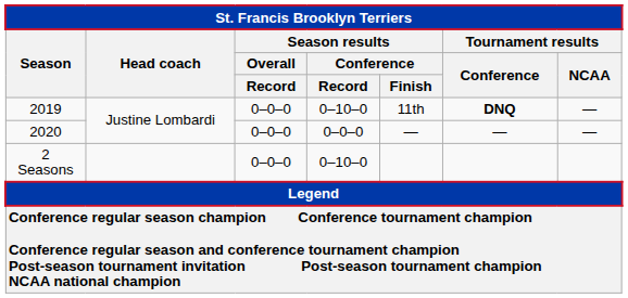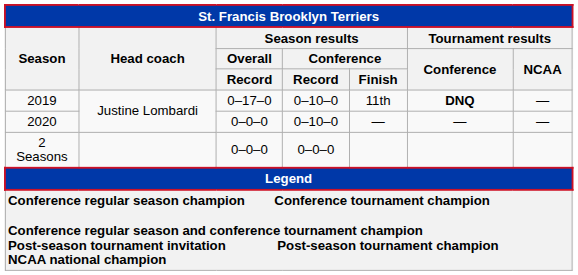 <table class="wikitable" style="font-size: 90%; width:70%; text-align:center;">
 <tr>
 <td colspan=10 style="background:#0038A8; border: 2px solid #CE1126;;color:#FFFFFF;"><strong>St. Francis Brooklyn Terriers</strong></td>
 </tr>
 <tr>
 <th rowspan=3>Season</th>
 <th rowspan=3>Head coach</th>
 <th colspan=3>Season results</th>
 <th colspan=2>Tournament results</th>
 </tr>
 <tr>
 <th colspan=1>Overall</th>
 <th colspan=2>Conference</th>
 <th rowspan=2>Conference</th>
 <th rowspan=2>NCAA</th>
 </tr>
 <tr>
 <th>Record</th>
 <th>Record</th>
 <th>Finish</th>
 </tr>
 <tr>
 <td>2019</td>
 <td rowspan=2>Justine Lombardi</td>
-<td>0–0–0</td>
+<td>0–17–0</td>
 <td>0–10–0</td>
 <td>11th</td>
 <td><strong>DNQ</strong></td>
 <td>—</td>
 </tr>
 <tr>
 <td>2020</td>
 <td>0–0–0</td>
-<td>0–0–0</td>
+<td>0–10–0</td>
 <td>—</td>
 <td>—</td>
 <td>—</td>
 </tr>
 <tr>
 <td>2<br>Seasons</td>
 <td> </td>
 <td>0–0–0</td>
-<td>0–10–0</td>
+<td>0–0–0</td>
 <td></td>
 <td></td>
 <td></td>
 </tr>
 <tr>
 <th colspan=8 style="background:#0038A8; border: 2px solid #CE1126;;color:#FFFFFF;"><strong>Legend</strong></th>
 </tr>
 <tr>
 <th colspan=8 style="text-align:left;"> Conference regular season champion         Conference tournament champion<br><br> Conference regular season and conference tournament champion<br>  Post-season tournament invitation              Post-season tournament champion<br>   NCAA national champion</th>
 </tr>
 </table>
